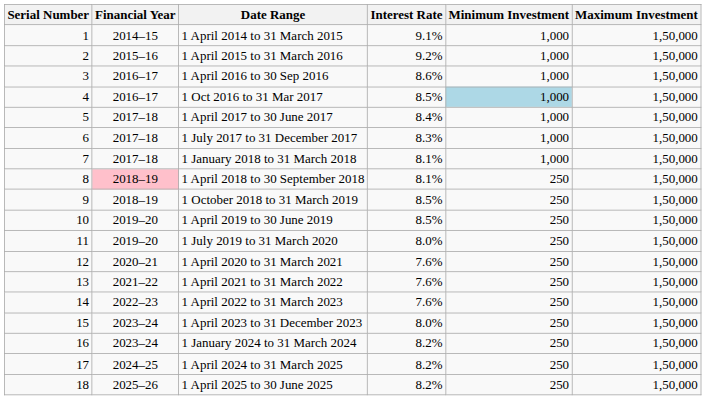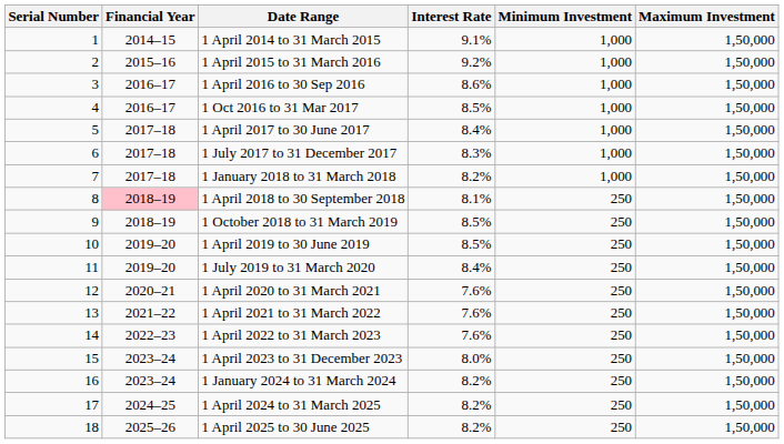 <table class="wikitable">
 <tr>
 <th>Serial Number</th>
 <th>Financial Year</th>
 <th>Date Range</th>
 <th>Interest Rate</th>
 <th>Minimum Investment</th>
 <th>Maximum Investment</th>
 </tr>
 <tr>
 <td style="text-align: Right;">1</td>
 <td style="text-align: Center;">2014–15</td>
 <td>1 April 2014 to 31 March 2015</td>
 <td style="text-align: Right;">9.1%</td>
 <td style="text-align: Right;">1,000</td>
 <td style="text-align: Right;">1,50,000</td>
 </tr>
 <tr>
 <td style="text-align: Right;">2</td>
 <td style="text-align: Center;">2015–16</td>
 <td>1 April 2015 to 31 March 2016</td>
 <td style="text-align: Right;">9.2%</td>
 <td style="text-align: Right;">1,000</td>
 <td style="text-align: Right;">1,50,000</td>
 </tr>
 <tr>
 <td style="text-align: Right;">3</td>
 <td style="text-align: Center;">2016–17</td>
 <td>1 April 2016 to 30 Sep 2016</td>
 <td style="text-align: Right;">8.6%</td>
 <td style="text-align: Right;">1,000</td>
 <td style="text-align: Right;">1,50,000</td>
 </tr>
 <tr>
 <td style="text-align: Right;">4</td>
 <td style="text-align: Center;">2016–17</td>
 <td>1 Oct 2016 to 31 Mar 2017</td>
 <td style="text-align: Right;">8.5%</td>
-<td style="background: lightblue; text-align: Right;">1,000</td>
+<td style="text-align: Right;">1,000</td>
 <td style="text-align: Right;">1,50,000</td>
 </tr>
 <tr>
 <td style="text-align: Right;">5</td>
 <td style="text-align: Center;">2017–18</td>
 <td>1 April 2017 to 30 June 2017</td>
 <td style="text-align: Right;">8.4%</td>
 <td style="text-align: Right;">1,000</td>
 <td style="text-align: Right;">1,50,000</td>
 </tr>
 <tr>
 <td style="text-align: Right;">6</td>
 <td style="text-align: Center;">2017–18</td>
 <td>1 July 2017 to 31 December 2017</td>
 <td style="text-align: Right;">8.3%</td>
 <td style="text-align: Right;">1,000</td>
 <td style="text-align: Right;">1,50,000</td>
 </tr>
 <tr>
 <td style="text-align: Right;">7</td>
 <td style="text-align: Center;">2017–18</td>
 <td>1 January 2018 to 31 March 2018</td>
-<td style="text-align: Right;">8.1%</td>
+<td style="text-align: Right;">8.2%</td>
 <td style="text-align: Right;">1,000</td>
 <td style="text-align: Right;">1,50,000</td>
 </tr>
 <tr>
 <td style="text-align: Right;">8</td>
 <td style="background: pink; text-align: Center;">2018–19</td>
 <td>1 April 2018 to 30 September 2018</td>
 <td style="text-align: Right;">8.1%</td>
 <td style="text-align: Right;">250</td>
 <td style="text-align: Right;">1,50,000</td>
 </tr>
 <tr>
 <td style="text-align: Right;">9</td>
 <td style="text-align: Center;">2018–19</td>
 <td>1 October 2018 to 31 March 2019</td>
 <td style="text-align: Right;">8.5%</td>
 <td style="text-align: Right;">250</td>
 <td style="text-align: Right;">1,50,000</td>
 </tr>
 <tr>
 <td style="text-align: Right;">10</td>
 <td style="text-align: Center;">2019–20</td>
 <td>1 April 2019 to 30 June 2019</td>
 <td style="text-align: Right;">8.5%</td>
 <td style="text-align: Right;">250</td>
 <td style="text-align: Right;">1,50,000</td>
 </tr>
 <tr>
 <td style="text-align: Right;">11</td>
 <td style="text-align: Center;">2019–20</td>
 <td>1 July 2019 to 31 March 2020 </td>
-<td style="text-align: Right;">8.0%</td>
+<td style="text-align: Right;">8.4%</td>
 <td style="text-align: Right;">250</td>
 <td style="text-align: Right;">1,50,000</td>
 </tr>
 <tr>
 <td style="text-align: Right;">12</td>
 <td style="text-align: Center;">2020–21</td>
 <td>1 April 2020 to 31 March 2021 </td>
 <td style="text-align: Right;">7.6%</td>
 <td style="text-align: Right;">250</td>
 <td style="text-align: Right;">1,50,000</td>
 </tr>
 <tr>
 <td style="text-align: Right;">13</td>
 <td style="text-align: Center;">2021–22</td>
 <td>1 April 2021 to 31 March 2022</td>
 <td style="text-align: Right;">7.6%</td>
 <td style="text-align: Right;">250</td>
 <td style="text-align: Right;">1,50,000</td>
 </tr>
 <tr>
 <td style="text-align: Right;">14</td>
 <td style="text-align: Center;">2022–23</td>
 <td>1 April 2022 to 31 March 2023</td>
 <td style="text-align: Right;">7.6%</td>
 <td style="text-align: Right;">250</td>
 <td style="text-align: Right;">1,50,000</td>
 </tr>
 <tr>
 <td style="text-align: Right;">15</td>
 <td style="text-align: Center;">2023–24</td>
 <td>1 April 2023 to 31 December 2023</td>
 <td style="text-align: Right;">8.0%</td>
 <td style="text-align: Right;">250</td>
 <td style="text-align: Right;">1,50,000</td>
 </tr>
 <tr>
 <td style="text-align: Right;">16</td>
 <td style="text-align: Center;">2023–24</td>
 <td>1 January 2024 to 31 March 2024 </td>
 <td style="text-align: Right;">8.2%</td>
 <td style="text-align: Right;">250</td>
 <td style="text-align: Right;">1,50,000</td>
 </tr>
 <tr>
 <td style="text-align: Right;">17</td>
 <td style="text-align: Center;">2024–25</td>
 <td>1 April 2024 to 31 March 2025 </td>
 <td style="text-align: Right;">8.2%</td>
 <td style="text-align: Right;">250</td>
 <td style="text-align: Right;">1,50,000</td>
 </tr>
 <tr>
 <td style="text-align: Right;">18</td>
 <td style="text-align: Center;">2025–26</td>
 <td>1 April 2025 to 30 June 2025</td>
 <td style="text-align: Right;">8.2%</td>
 <td style="text-align: Right;">250</td>
 <td style="text-align: Right;">1,50,000</td>
 </tr>
 </table>
